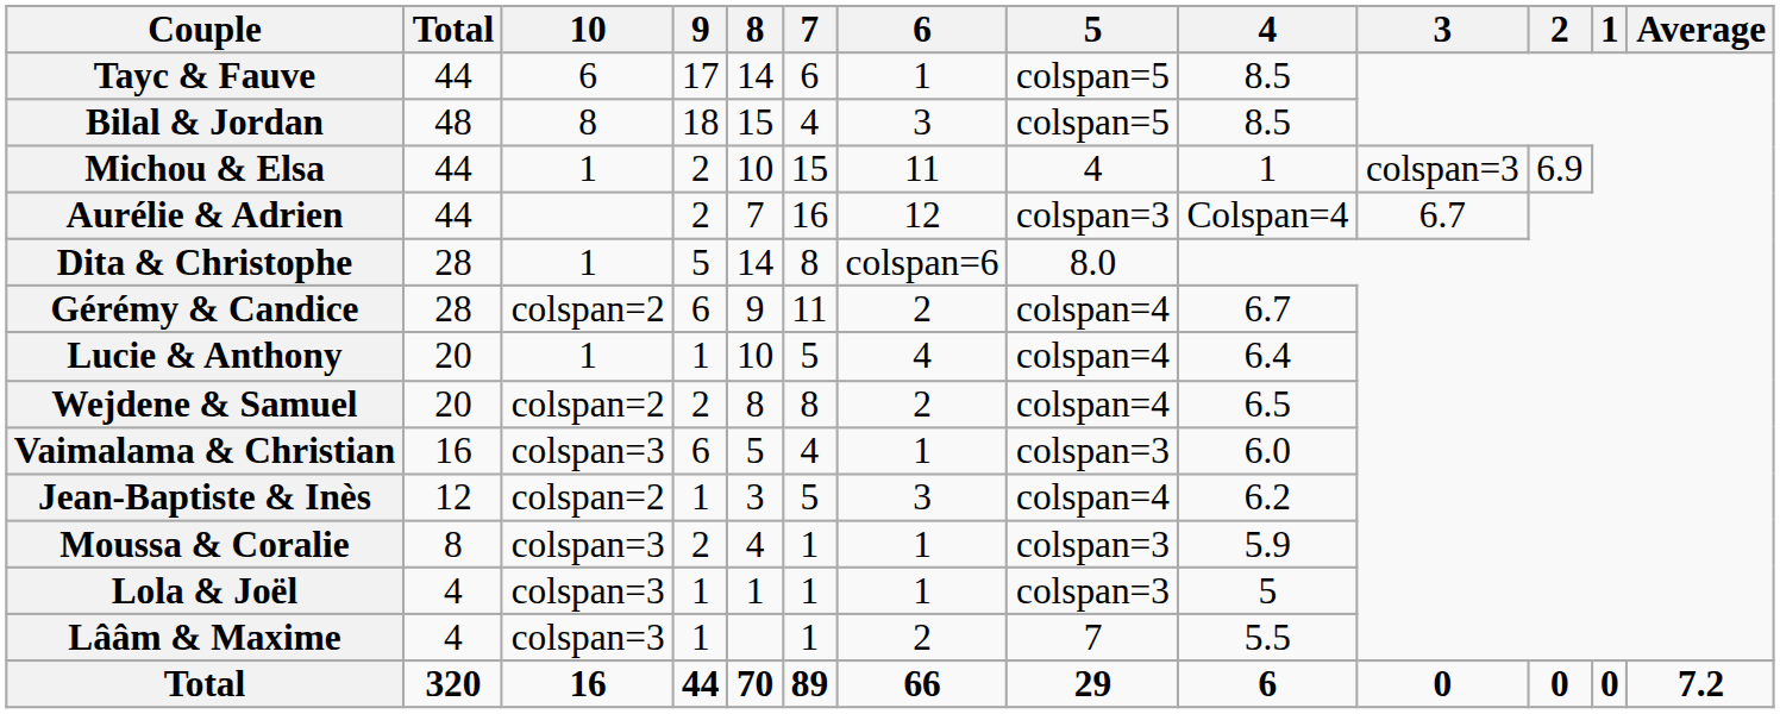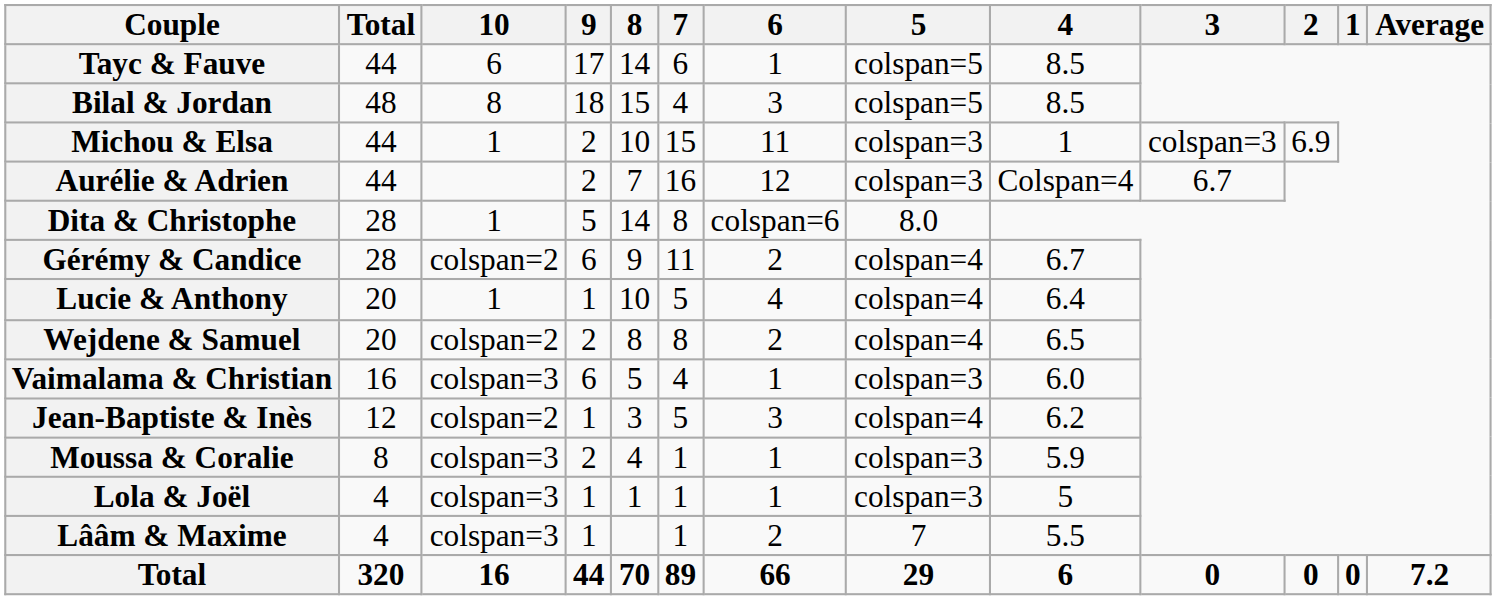 <table class="wikitable sortable collapsible" style="margin:auto; font-size:95%; line-height:12px; text-align:center">
 <tr>
 <th>Couple</th>
 <th>Total</th>
 <th>10</th>
 <th>9</th>
 <th>8</th>
 <th>7</th>
 <th>6</th>
 <th>5</th>
 <th>4</th>
 <th>3</th>
 <th>2</th>
 <th>1</th>
 <th>Average</th>
 </tr>
 <tr>
 <th>Tayc & Fauve</th>
 <td>44</td>
 <td>6</td>
 <td>17</td>
 <td>14</td>
 <td>6</td>
 <td>1</td>
 <td>colspan=5 </td>
 <td>8.5</td>
 </tr>
 <tr>
 <th>Bilal & Jordan</th>
 <td>48</td>
 <td>8</td>
 <td>18</td>
 <td>15</td>
 <td>4</td>
 <td>3</td>
 <td>colspan=5 </td>
 <td>8.5</td>
 </tr>
 <tr>
 <th>Michou & Elsa</th>
 <td>44</td>
 <td>1</td>
 <td>2</td>
 <td>10</td>
 <td>15</td>
 <td>11</td>
-<td>4</td>
+<td>colspan=3 </td>
 <td>1</td>
 <td>colspan=3 </td>
 <td>6.9</td>
 </tr>
 <tr>
 <th>Aurélie & Adrien</th>
 <td>44</td>
 <td></td>
 <td>2</td>
 <td>7</td>
 <td>16</td>
 <td>12</td>
 <td>colspan=3 </td>
 <td>Colspan=4 </td>
 <td>6.7</td>
 </tr>
 <tr>
 <th>Dita & Christophe</th>
 <td>28</td>
 <td>1</td>
 <td>5</td>
 <td>14</td>
 <td>8</td>
 <td>colspan=6 </td>
 <td>8.0</td>
 </tr>
 <tr>
 <th>Gérémy & Candice</th>
 <td>28</td>
 <td>colspan=2 </td>
 <td>6</td>
 <td>9</td>
 <td>11</td>
 <td>2</td>
 <td>colspan=4 </td>
 <td>6.7</td>
 </tr>
 <tr>
 <th>Lucie & Anthony</th>
 <td>20</td>
 <td>1</td>
 <td>1</td>
 <td>10</td>
 <td>5</td>
 <td>4</td>
 <td>colspan=4 </td>
 <td>6.4</td>
 </tr>
 <tr>
 <th>Wejdene & Samuel</th>
 <td>20</td>
 <td>colspan=2 </td>
 <td>2</td>
 <td>8</td>
 <td>8</td>
 <td>2</td>
 <td>colspan=4 </td>
 <td>6.5</td>
 </tr>
 <tr>
 <th>Vaimalama & Christian</th>
 <td>16</td>
 <td>colspan=3 </td>
 <td>6</td>
 <td>5</td>
 <td>4</td>
 <td>1</td>
 <td>colspan=3 </td>
 <td>6.0</td>
 </tr>
 <tr>
 <th>Jean-Baptiste & Inès</th>
 <td>12</td>
 <td>colspan=2 </td>
 <td>1</td>
 <td>3</td>
 <td>5</td>
 <td>3</td>
 <td>colspan=4 </td>
 <td>6.2</td>
 </tr>
 <tr>
 <th>Moussa & Coralie</th>
 <td>8</td>
 <td>colspan=3 </td>
 <td>2</td>
 <td>4</td>
 <td>1</td>
 <td>1</td>
 <td>colspan=3 </td>
 <td>5.9</td>
 </tr>
 <tr>
 <th>Lola & Joël</th>
 <td>4</td>
 <td>colspan=3 </td>
 <td>1</td>
 <td>1</td>
 <td>1</td>
 <td>1</td>
 <td>colspan=3 </td>
 <td>5</td>
 </tr>
 <tr>
 <th>Lââm & Maxime</th>
 <td>4</td>
 <td>colspan=3 </td>
 <td>1</td>
 <td></td>
 <td>1</td>
 <td>2</td>
 <td>7</td>
 <td>5.5</td>
 </tr>
 <tr>
 <th>Total</th>
 <td><strong>320</strong></td>
 <td><strong>16</strong></td>
 <td><strong>44</strong></td>
 <td><strong>70</strong></td>
 <td><strong>89</strong></td>
 <td><strong>66</strong></td>
 <td><strong>29</strong></td>
 <td><strong>6</strong></td>
 <td><strong>0</strong></td>
 <td><strong>0</strong></td>
 <td><strong>0</strong></td>
 <td><strong>7.2</strong></td>
 </tr>
 </table>
